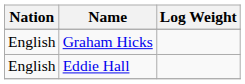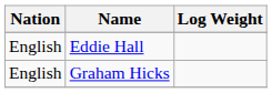 <table class="wikitable" style="display: inline-table">
 <tr>
 <th>Nation</th>
 <th>Name</th>
 <th>Log Weight</th>
 </tr>
 <tr>
 </tr>
 <tr>
 <td> English</td>
-<td><a href='#'>Graham Hicks</a></td>
+<td><a href='#'>Eddie Hall</a></td>
 <td></td>
 </tr>
 <tr>
 <td> English</td>
-<td><a href='#'>Eddie Hall</a></td>
+<td><a href='#'>Graham Hicks</a></td>
 <td></td>
 </tr>
 <tr>
 </tr>
 </table>
